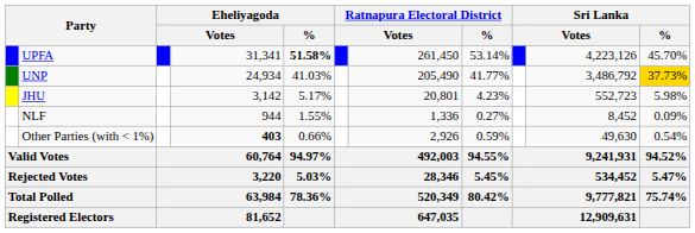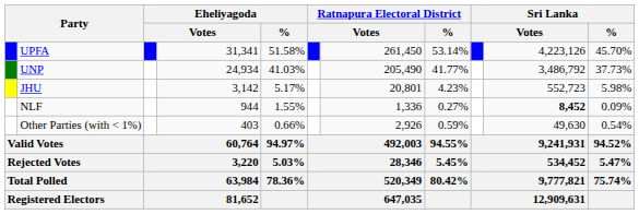 <table class="wikitable">
 <tr>
 <th colspan="2" width="144px"rowspan="2">Party</th>
 <th colspan="3" width="216px">Eheliyagoda</th>
 <th colspan="3" width="216px"><a href='#'>Ratnapura Electoral District</a></th>
 <th colspan="3" width="216px">Sri Lanka</th>
 </tr>
 <tr>
 <th colspan="2" width="144px">Votes</th>
 <th>%</th>
 <th colspan="2" width="144px">Votes</th>
 <th>%</th>
 <th colspan="2" width="144px">Votes</th>
 <th>%</th>
 </tr>
 <tr>
 <td style="background-color:blue;" width="10px"></td>
 <td style="text-align:left;"><a href='#'>UPFA</a></td>
 <td style="background-color:blue;" width="10px"></td>
 <td style="text-align:right;">31,341</td>
-<td style="text-align:right;"><strong>51.58%</strong></td>
+<td style="text-align:right;">51.58%</td>
 <td style="background-color:blue;" width="10px"></td>
 <td style="text-align:right;">261,450</td>
 <td style="text-align:right;">53.14%</td>
 <td style="background-color:blue;" width="10px"></td>
 <td style="text-align:right;">4,223,126</td>
 <td style="text-align:right;">45.70%</td>
 </tr>
 <tr>
 <td style="background-color:green;" width="10px"></td>
 <td style="text-align:left;"><a href='#'>UNP</a></td>
 <td style="background-color:white;" width="10px"></td>
 <td style="text-align:right;">24,934</td>
 <td style="text-align:right;">41.03%</td>
 <td style="background-color:white;" width="10px"></td>
 <td style="text-align:right;">205,490</td>
 <td style="text-align:right;">41.77%</td>
 <td style="background-color:white;" width="10px"></td>
 <td style="text-align:right;">3,486,792</td>
-<td style="background: gold; text-align:right;">37.73%</td>
+<td style="text-align:right;">37.73%</td>
 </tr>
 <tr>
 <td style="background-color:yellow;" width="10px"></td>
 <td style="text-align:left;"><a href='#'>JHU</a></td>
 <td style="background-color:white;" width="10px"></td>
 <td style="text-align:right;">3,142</td>
 <td style="text-align:right;">5.17%</td>
 <td style="background-color:white;" width="10px"></td>
 <td style="text-align:right;">20,801</td>
 <td style="text-align:right;">4.23%</td>
 <td style="background-color:white;" width="10px"></td>
 <td style="text-align:right;">552,723</td>
 <td style="text-align:right;">5.98%</td>
 </tr>
 <tr>
 <td style="background-color:white;" width="10px"></td>
 <td style="text-align:left;">NLF</td>
 <td style="background-color:white;" width="10px"></td>
 <td style="text-align:right;">944</td>
 <td style="text-align:right;">1.55%</td>
 <td style="background-color:white;" width="10px"></td>
 <td style="text-align:right;">1,336</td>
 <td style="text-align:right;">0.27%</td>
 <td style="background-color:white;" width="10px"></td>
-<td style="text-align:right;">8,452</td>
+<td style="text-align:right;"><strong>8,452</strong></td>
 <td style="text-align:right;">0.09%</td>
 </tr>
 <tr>
 <td style="background-color:white;" width="10px"></td>
 <td style="text-align:left;">Other Parties (with < 1%)</td>
 <td style="background-color:white;" width="10px"></td>
-<td style="text-align:right;"><strong>403</strong></td>
+<td style="text-align:right;">403</td>
 <td style="text-align:right;">0.66%</td>
 <td style="background-color:white;" width="10px"></td>
 <td style="text-align:right;">2,926</td>
 <td style="text-align:right;">0.59%</td>
 <td style="background-color:white;" width="10px"></td>
 <td style="text-align:right;">49,630</td>
 <td style="text-align:right;">0.54%</td>
 </tr>
 <tr>
 <th colspan="2" width="144px"style="text-align:left;">Valid Votes</th>
 <th style="text-align:right;"colspan="2" width="144px">60,764</th>
 <th style="text-align:right;">94.97%</th>
 <th style="text-align:right;"colspan="2" width="144px">492,003</th>
 <th style="text-align:right;">94.55%</th>
 <th style="text-align:right;"colspan="2" width="144px">9,241,931</th>
 <th style="text-align:right;">94.52%</th>
 </tr>
 <tr>
 <th colspan="2" width="144px"style="text-align:left;">Rejected Votes</th>
 <th style="text-align:right;"colspan="2" width="144px">3,220</th>
 <th style="text-align:right;">5.03%</th>
 <th style="text-align:right;"colspan="2" width="144px">28,346</th>
 <th style="text-align:right;">5.45%</th>
 <th style="text-align:right;"colspan="2" width="144px">534,452</th>
 <th style="text-align:right;">5.47%</th>
 </tr>
 <tr>
 <th colspan="2" width="144px"style="text-align:left;">Total Polled</th>
 <th style="text-align:right;"colspan="2" width="144px">63,984</th>
 <th style="text-align:right;">78.36%</th>
 <th style="text-align:right;"colspan="2" width="144px">520,349</th>
 <th style="text-align:right;">80.42%</th>
 <th style="text-align:right;"colspan="2" width="144px">9,777,821</th>
 <th style="text-align:right;">75.74%</th>
 </tr>
 <tr>
 <th colspan="2" width="144px"style="text-align:left;">Registered Electors</th>
 <th style="text-align:right;"colspan="2" width="144px">81,652</th>
 <th></th>
 <th style="text-align:right;"colspan="2" width="144px">647,035</th>
 <th></th>
 <th style="text-align:right;"colspan="2" width="144px">12,909,631</th>
 <th></th>
 </tr>
 </table>
